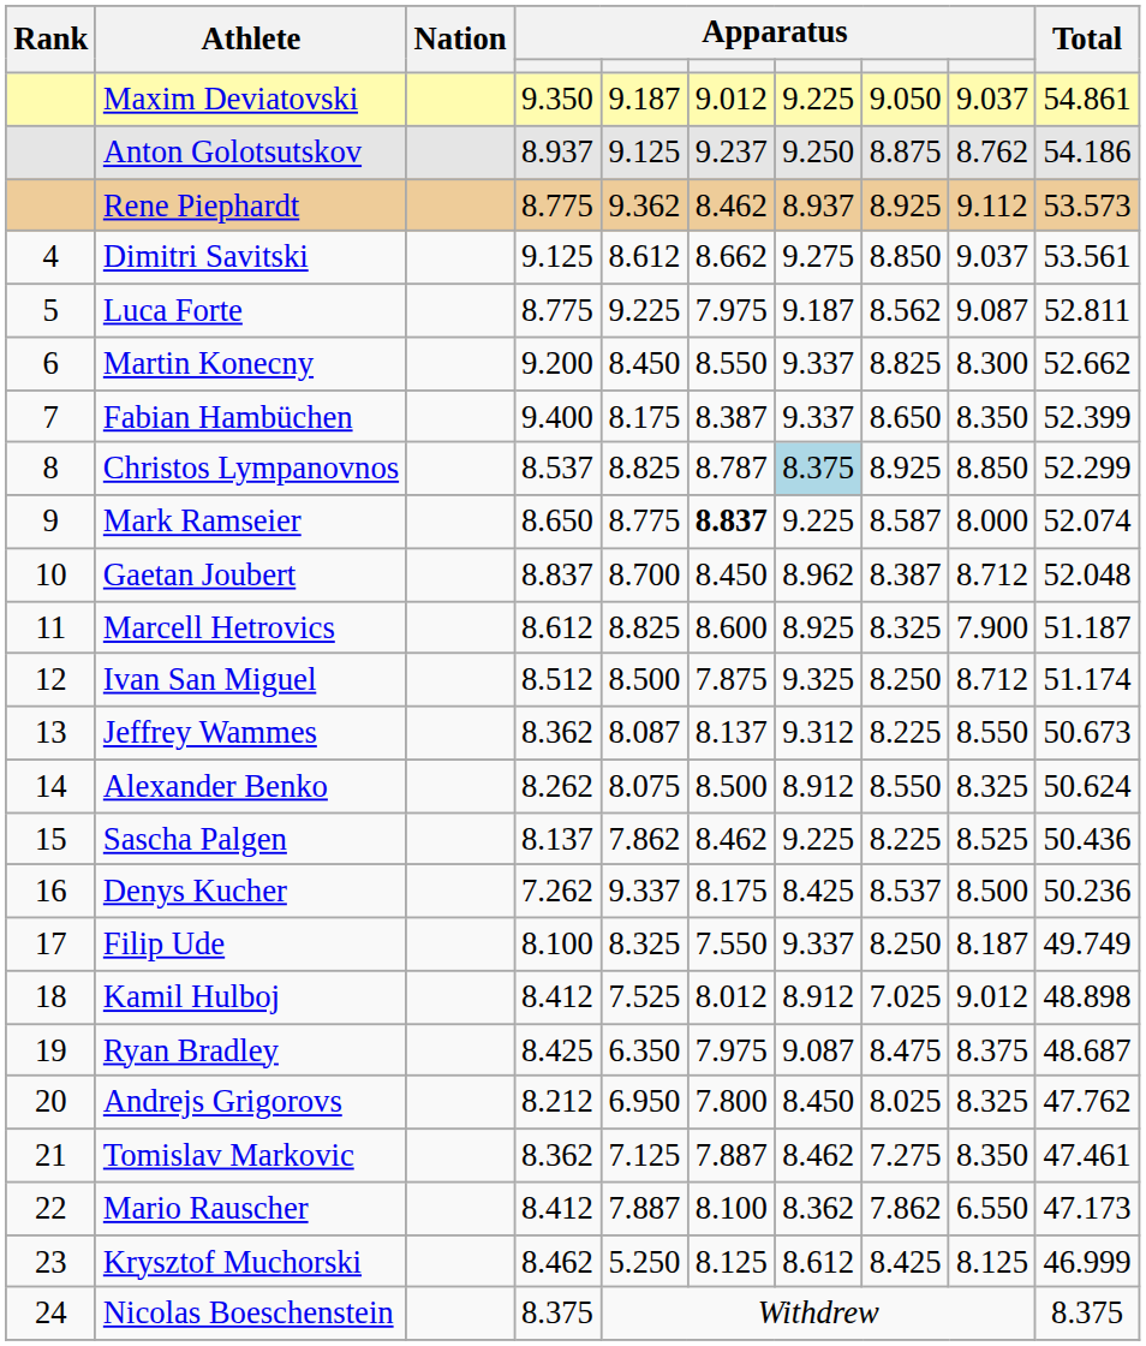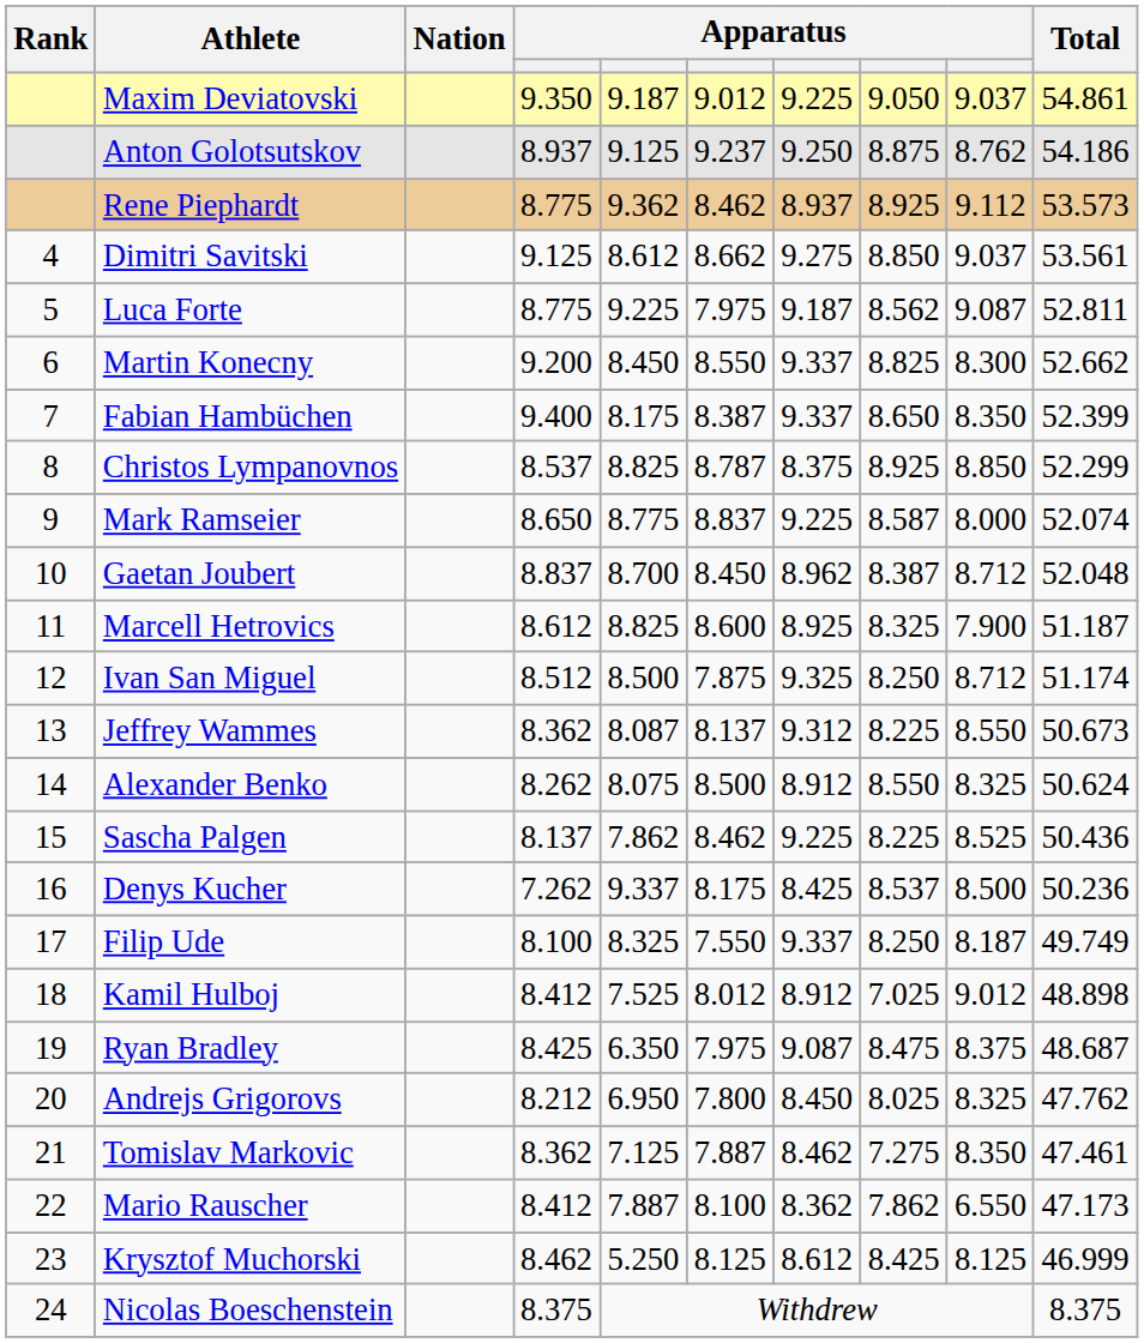 <table class="wikitable" style="font-size:90%">
 <tr>
 <th rowspan=2>Rank</th>
 <th rowspan=2>Athlete</th>
 <th rowspan=2>Nation</th>
 <th colspan =6>Apparatus</th>
 <th rowspan=2>Total</th>
 </tr>
 <tr style="font-size:95%">
 <th></th>
 <th></th>
 <th></th>
 <th></th>
 <th></th>
 <th></th>
 </tr>
 <tr align=center bgcolor=fffcaf>
 <td></td>
 <td align=left><a href='#'>Maxim Deviatovski</a></td>
 <td align=left>     </td>
 <td>9.350</td>
 <td>9.187</td>
 <td>9.012</td>
 <td>9.225</td>
 <td>9.050</td>
 <td>9.037</td>
 <td>54.861</td>
 </tr>
 <tr align=center bgcolor=e5e5e5>
 <td></td>
 <td align=left><a href='#'>Anton Golotsutskov</a></td>
 <td align=left></td>
 <td>8.937</td>
 <td>9.125</td>
 <td>9.237</td>
 <td>9.250</td>
 <td>8.875</td>
 <td>8.762</td>
 <td>54.186</td>
 </tr>
 <tr align=center bgcolor=eecc99>
 <td></td>
 <td align=left><a href='#'>Rene Piephardt</a></td>
 <td align=left></td>
 <td>8.775</td>
 <td>9.362</td>
 <td>8.462</td>
 <td>8.937</td>
 <td>8.925</td>
 <td>9.112</td>
 <td>53.573</td>
 </tr>
 <tr align=center>
 <td>4</td>
 <td align=left><a href='#'>Dimitri Savitski</a></td>
 <td align=left></td>
 <td>9.125</td>
 <td>8.612</td>
 <td>8.662</td>
 <td>9.275</td>
 <td>8.850</td>
 <td>9.037</td>
 <td>53.561</td>
 </tr>
 <tr align=center>
 <td>5</td>
 <td align=left><a href='#'>Luca Forte</a></td>
 <td align=left></td>
 <td>8.775</td>
 <td>9.225</td>
 <td>7.975</td>
 <td>9.187</td>
 <td>8.562</td>
 <td>9.087</td>
 <td>52.811</td>
 </tr>
 <tr align=center>
 <td>6</td>
 <td align=left><a href='#'>Martin Konecny</a></td>
 <td align=left></td>
 <td>9.200</td>
 <td>8.450</td>
 <td>8.550</td>
 <td>9.337</td>
 <td>8.825</td>
 <td>8.300</td>
 <td>52.662</td>
 </tr>
 <tr align=center>
 <td>7</td>
 <td align=left><a href='#'>Fabian Hambüchen</a></td>
 <td align=left></td>
 <td>9.400</td>
 <td>8.175</td>
 <td>8.387</td>
 <td>9.337</td>
 <td>8.650</td>
 <td>8.350</td>
 <td>52.399</td>
 </tr>
 <tr align=center>
 <td>8</td>
 <td align=left><a href='#'>Christos Lympanovnos</a></td>
 <td align=left></td>
 <td>8.537</td>
 <td>8.825</td>
 <td>8.787</td>
-<td style="background: lightblue;">8.375</td>
+<td>8.375</td>
 <td>8.925</td>
 <td>8.850</td>
 <td>52.299</td>
 </tr>
 <tr align=center>
 <td>9</td>
 <td align=left><a href='#'>Mark Ramseier</a></td>
 <td align=left></td>
 <td>8.650</td>
 <td>8.775</td>
-<td><strong>8.837</strong></td>
+<td>8.837</td>
 <td>9.225</td>
 <td>8.587</td>
 <td>8.000</td>
 <td>52.074</td>
 </tr>
 <tr align=center>
 <td>10</td>
 <td align=left><a href='#'>Gaetan Joubert</a></td>
 <td align=left></td>
 <td>8.837</td>
 <td>8.700</td>
 <td>8.450</td>
 <td>8.962</td>
 <td>8.387</td>
 <td>8.712</td>
 <td>52.048</td>
 </tr>
 <tr align=center>
 <td>11</td>
 <td align=left><a href='#'>Marcell Hetrovics</a></td>
 <td align=left></td>
 <td>8.612</td>
 <td>8.825</td>
 <td>8.600</td>
 <td>8.925</td>
 <td>8.325</td>
 <td>7.900</td>
 <td>51.187</td>
 </tr>
 <tr align=center>
 <td>12</td>
 <td align=left><a href='#'>Ivan San Miguel</a></td>
 <td align=left></td>
 <td>8.512</td>
 <td>8.500</td>
 <td>7.875</td>
 <td>9.325</td>
 <td>8.250</td>
 <td>8.712</td>
 <td>51.174</td>
 </tr>
 <tr align=center>
 <td>13</td>
 <td align=left><a href='#'>Jeffrey Wammes</a></td>
 <td align=left></td>
 <td>8.362</td>
 <td>8.087</td>
 <td>8.137</td>
 <td>9.312</td>
 <td>8.225</td>
 <td>8.550</td>
 <td>50.673</td>
 </tr>
 <tr align=center>
 <td>14</td>
 <td align=left><a href='#'>Alexander Benko</a></td>
 <td align=left></td>
 <td>8.262</td>
 <td>8.075</td>
 <td>8.500</td>
 <td>8.912</td>
 <td>8.550</td>
 <td>8.325</td>
 <td>50.624</td>
 </tr>
 <tr align=center>
 <td>15</td>
 <td align=left><a href='#'>Sascha Palgen</a></td>
 <td align=left></td>
 <td>8.137</td>
 <td>7.862</td>
 <td>8.462</td>
 <td>9.225</td>
 <td>8.225</td>
 <td>8.525</td>
 <td>50.436</td>
 </tr>
 <tr align=center>
 <td>16</td>
 <td align=left><a href='#'>Denys Kucher</a></td>
 <td align=left></td>
 <td>7.262</td>
 <td>9.337</td>
 <td>8.175</td>
 <td>8.425</td>
 <td>8.537</td>
 <td>8.500</td>
 <td>50.236</td>
 </tr>
 <tr align=center>
 <td>17</td>
 <td align=left><a href='#'>Filip Ude</a></td>
 <td align=left></td>
 <td>8.100</td>
 <td>8.325</td>
 <td>7.550</td>
 <td>9.337</td>
 <td>8.250</td>
 <td>8.187</td>
 <td>49.749</td>
 </tr>
 <tr align=center>
 <td>18</td>
 <td align=left><a href='#'>Kamil Hulboj</a></td>
 <td align=left></td>
 <td>8.412</td>
 <td>7.525</td>
 <td>8.012</td>
 <td>8.912</td>
 <td>7.025</td>
 <td>9.012</td>
 <td>48.898</td>
 </tr>
 <tr align=center>
 <td>19</td>
 <td align=left><a href='#'>Ryan Bradley</a></td>
 <td align=left></td>
 <td>8.425</td>
 <td>6.350</td>
 <td>7.975</td>
 <td>9.087</td>
 <td>8.475</td>
 <td>8.375</td>
 <td>48.687</td>
 </tr>
 <tr align=center>
 <td>20</td>
 <td align=left><a href='#'>Andrejs Grigorovs</a></td>
 <td align=left></td>
 <td>8.212</td>
 <td>6.950</td>
 <td>7.800</td>
 <td>8.450</td>
 <td>8.025</td>
 <td>8.325</td>
 <td>47.762</td>
 </tr>
 <tr align=center>
 <td>21</td>
 <td align=left><a href='#'>Tomislav Markovic</a></td>
 <td align=left></td>
 <td>8.362</td>
 <td>7.125</td>
 <td>7.887</td>
 <td>8.462</td>
 <td>7.275</td>
 <td>8.350</td>
 <td>47.461</td>
 </tr>
 <tr align=center>
 <td>22</td>
 <td align=left><a href='#'>Mario Rauscher</a></td>
 <td align=left></td>
 <td>8.412</td>
 <td>7.887</td>
 <td>8.100</td>
 <td>8.362</td>
 <td>7.862</td>
 <td>6.550</td>
 <td>47.173</td>
 </tr>
 <tr align=center>
 <td>23</td>
 <td align=left><a href='#'>Krysztof Muchorski</a></td>
 <td align=left></td>
 <td>8.462</td>
 <td>5.250</td>
 <td>8.125</td>
 <td>8.612</td>
 <td>8.425</td>
 <td>8.125</td>
 <td>46.999</td>
 </tr>
 <tr align=center>
 <td>24</td>
 <td align=left><a href='#'>Nicolas Boeschenstein</a></td>
 <td align=left></td>
 <td>8.375</td>
 <td colspan=5><em>Withdrew</em></td>
 <td>8.375</td>
 </tr>
 </table>
